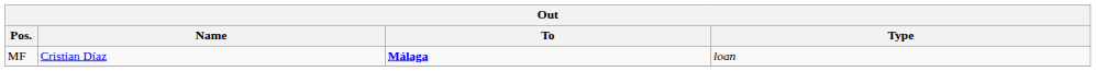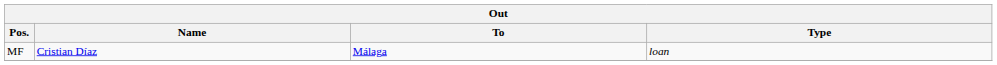 <table class="wikitable" style="font-size:90%;width:99%;">
 <tr>
 <th colspan="4">Out</th>
 </tr>
 <tr>
 <th width=3%>Pos.</th>
 <th width=32%>Name</th>
 <th width=30%>To</th>
 <th width=35%>Type</th>
 </tr>
 <tr>
 <td>MF</td>
 <td><a href='#'>Cristian Díaz</a></td>
-<td><strong><a href='#'>Málaga</a></strong></td>
+<td><a href='#'>Málaga</a></td>
 <td><em>loan</em></td>
 </tr>
 <tr>
 </tr>
 </table>
